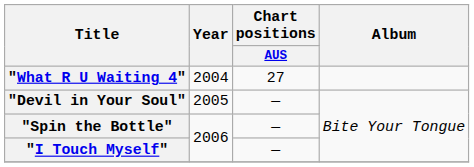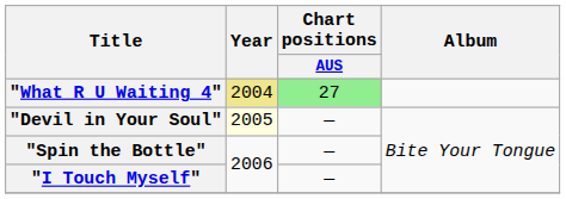 <table class="wikitable plainrowheaders" style="text-align:center;">
 <tr>
 <th rowspan="2">Title</th>
 <th rowspan="2">Year</th>
 <th colspan="1">Chart positions</th>
 <th rowspan="2">Album</th>
 </tr>
 <tr>
 <th scope="col" style="width:3em;font-size:85%;"><a href='#'>AUS</a><br></th>
 </tr>
 <tr>
 <th scope="row">"<a href='#'>What R U Waiting 4</a>"</th>
-<td>2004</td>
-<td>27</td>
+<td style="background: khaki;">2004</td>
+<td style="background: lightgreen;">27</td>
 <td></td>
 </tr>
 <tr>
 <th scope="row">"Devil in Your Soul"</th>
-<td>2005</td>
+<td style="background: lightyellow;">2005</td>
 <td>—</td>
 <td rowspan="3"><em>Bite Your Tongue</em></td>
 </tr>
 <tr>
 <th scope="row">"Spin the Bottle"</th>
 <td rowspan="2">2006</td>
 <td>—</td>
 </tr>
 <tr>
 <th scope="row">"<a href='#'>I Touch Myself</a>"</th>
 <td>—</td>
 </tr>
 <tr>
 </tr>
 </table>
